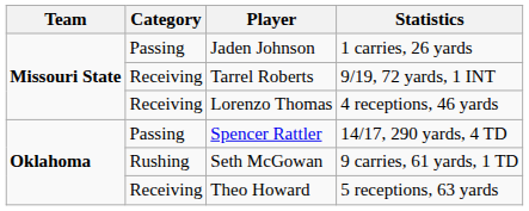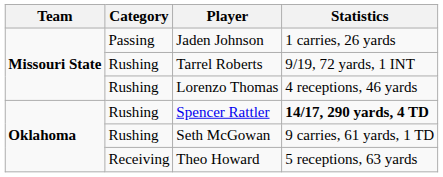 <table class="wikitable" style="float: right;">
 <tr>
 <th>Team</th>
 <th>Category</th>
 <th>Player</th>
 <th>Statistics</th>
 </tr>
 <tr>
 <td rowspan=3><strong>Missouri State</strong></td>
 <td>Passing</td>
 <td>Jaden Johnson</td>
 <td>1 carries, 26 yards</td>
 </tr>
 <tr>
-<td>Receiving</td>
+<td>Rushing</td>
 <td>Tarrel Roberts</td>
 <td>9/19, 72 yards, 1 INT</td>
 </tr>
 <tr>
-<td>Receiving</td>
+<td>Rushing</td>
 <td>Lorenzo Thomas</td>
 <td>4 receptions, 46 yards</td>
 </tr>
 <tr>
 <td rowspan=3><strong>Oklahoma</strong></td>
-<td>Passing</td>
+<td>Rushing</td>
 <td><a href='#'>Spencer Rattler</a></td>
-<td>14/17, 290 yards, 4 TD</td>
+<td><strong>14/17, 290 yards, 4 TD</strong></td>
 </tr>
 <tr>
 <td>Rushing</td>
 <td>Seth McGowan</td>
 <td>9 carries, 61 yards, 1 TD</td>
 </tr>
 <tr>
 <td>Receiving</td>
 <td>Theo Howard</td>
 <td>5 receptions, 63 yards</td>
 </tr>
 </table>
